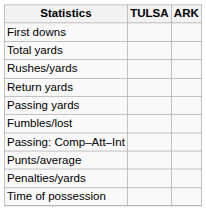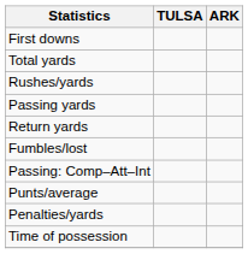 <table class="wikitable" style="float: left;">
 <tr>
 <th>Statistics</th>
 <th>TULSA</th>
 <th>ARK</th>
 </tr>
 <tr>
 <td>First downs</td>
 <td></td>
 <td></td>
 </tr>
 <tr>
 <td>Total yards</td>
 <td></td>
 <td></td>
 </tr>
 <tr>
 <td>Rushes/yards</td>
 <td></td>
 <td></td>
 </tr>
 <tr>
-<td>Return yards</td>
+<td>Passing yards</td>
 <td></td>
 <td></td>
 </tr>
 <tr>
-<td>Passing yards</td>
+<td>Return yards</td>
 <td></td>
 <td></td>
 </tr>
 <tr>
 <td>Fumbles/lost</td>
 <td></td>
 <td></td>
 </tr>
 <tr>
 <td>Passing: Comp–Att–Int</td>
 <td></td>
 <td></td>
 </tr>
 <tr>
 <td>Punts/average</td>
 <td></td>
 <td></td>
 </tr>
 <tr>
 <td>Penalties/yards</td>
 <td></td>
 <td></td>
 </tr>
 <tr>
 <td>Time of possession</td>
 <td></td>
 <td></td>
 </tr>
 <tr>
 </tr>
 </table>
